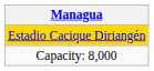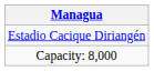 <table class="wikitable">
 <tr>
 <th><a href='#'>Managua</a></th>
 </tr>
 <tr align=center>
-<td style="background: gold;"><a href='#'>Estadio Cacique Diriangén</a></td>
+<td><a href='#'>Estadio Cacique Diriangén</a></td>
 </tr>
 <tr align=center>
 <td>Capacity: 8,000</td>
 </tr>
 </table>
